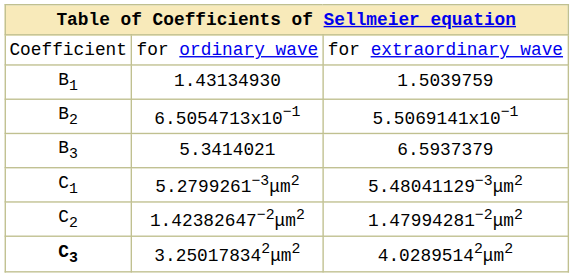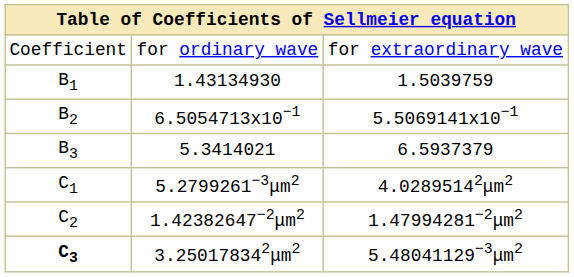 <table border="1" cellspacing="0" cellpadding="3" style="margin: 0 0 0 0.5em; background: #FFFFFF; border-collapse: collapse; border-color: #C0C090;">
 <tr ---- align=center bgcolor="#F8EABA">
 <th colspan=3 align=center>Table of Coefficients of <a href='#'>Sellmeier equation</a></th>
 </tr>
 <tr ---- align=center>
 <td>Coefficient</td>
 <td>for <a href='#'>ordinary wave</a></td>
 <td>for <a href='#'>extraordinary wave</a></td>
 </tr>
 <tr ---- align=center>
 <td>B<sub>1</sub></td>
 <td>1.43134930</td>
 <td>1.5039759</td>
 </tr>
 <tr ---- align=center>
 <td>B<sub>2</sub></td>
 <td>6.5054713x10<sup>−1</sup></td>
 <td>5.5069141x10<sup>−1</sup></td>
 </tr>
 <tr ---- align=center>
 <td>B<sub>3</sub></td>
 <td>5.3414021</td>
 <td>6.5937379</td>
 </tr>
 <tr ---- align=center>
 <td>C<sub>1</sub></td>
 <td>5.2799261<sup>−3</sup>μm<sup>2</sup></td>
-<td>5.48041129<sup>−3</sup>μm<sup>2</sup></td>
+<td>4.0289514<sup>2</sup>μm<sup>2</sup></td>
 </tr>
 <tr ---- align=center>
 <td>C<sub>2</sub></td>
 <td>1.42382647<sup>−2</sup>μm<sup>2</sup></td>
 <td>1.47994281<sup>−2</sup>μm<sup>2</sup></td>
 </tr>
 <tr ---- align=center>
 <td><strong>C<sub>3</sub></strong></td>
 <td>3.25017834<sup>2</sup>μm<sup>2</sup></td>
-<td>4.0289514<sup>2</sup>μm<sup>2</sup></td>
+<td>5.48041129<sup>−3</sup>μm<sup>2</sup></td>
 </tr>
 </table>
